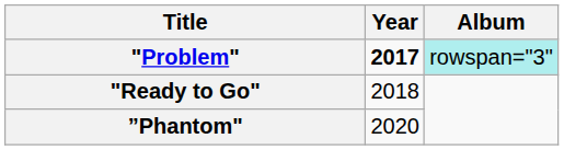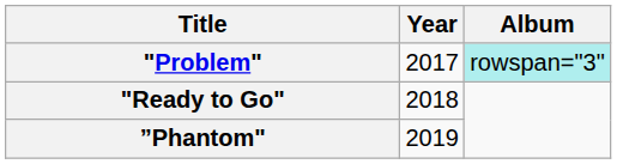 <table class="wikitable plainrowheaders" style="text-align:center;">
 <tr>
 <th scope="col" style="width:16em;">Title</th>
 <th scope="col">Year</th>
 <th scope="col">Album</th>
 </tr>
 <tr>
 <th scope="row">"<a href='#'>Problem</a>"<br></th>
-<td><strong>2017</strong></td>
+<td>2017</td>
 <td style="background: paleturquoise;">rowspan="3" </td>
 </tr>
 <tr>
 <th scope="row">"Ready to Go"</th>
 <td>2018</td>
 </tr>
 <tr>
 <th scope="row">”Phantom"</th>
-<td>2020</td>
+<td>2019</td>
 </tr>
 </table>
